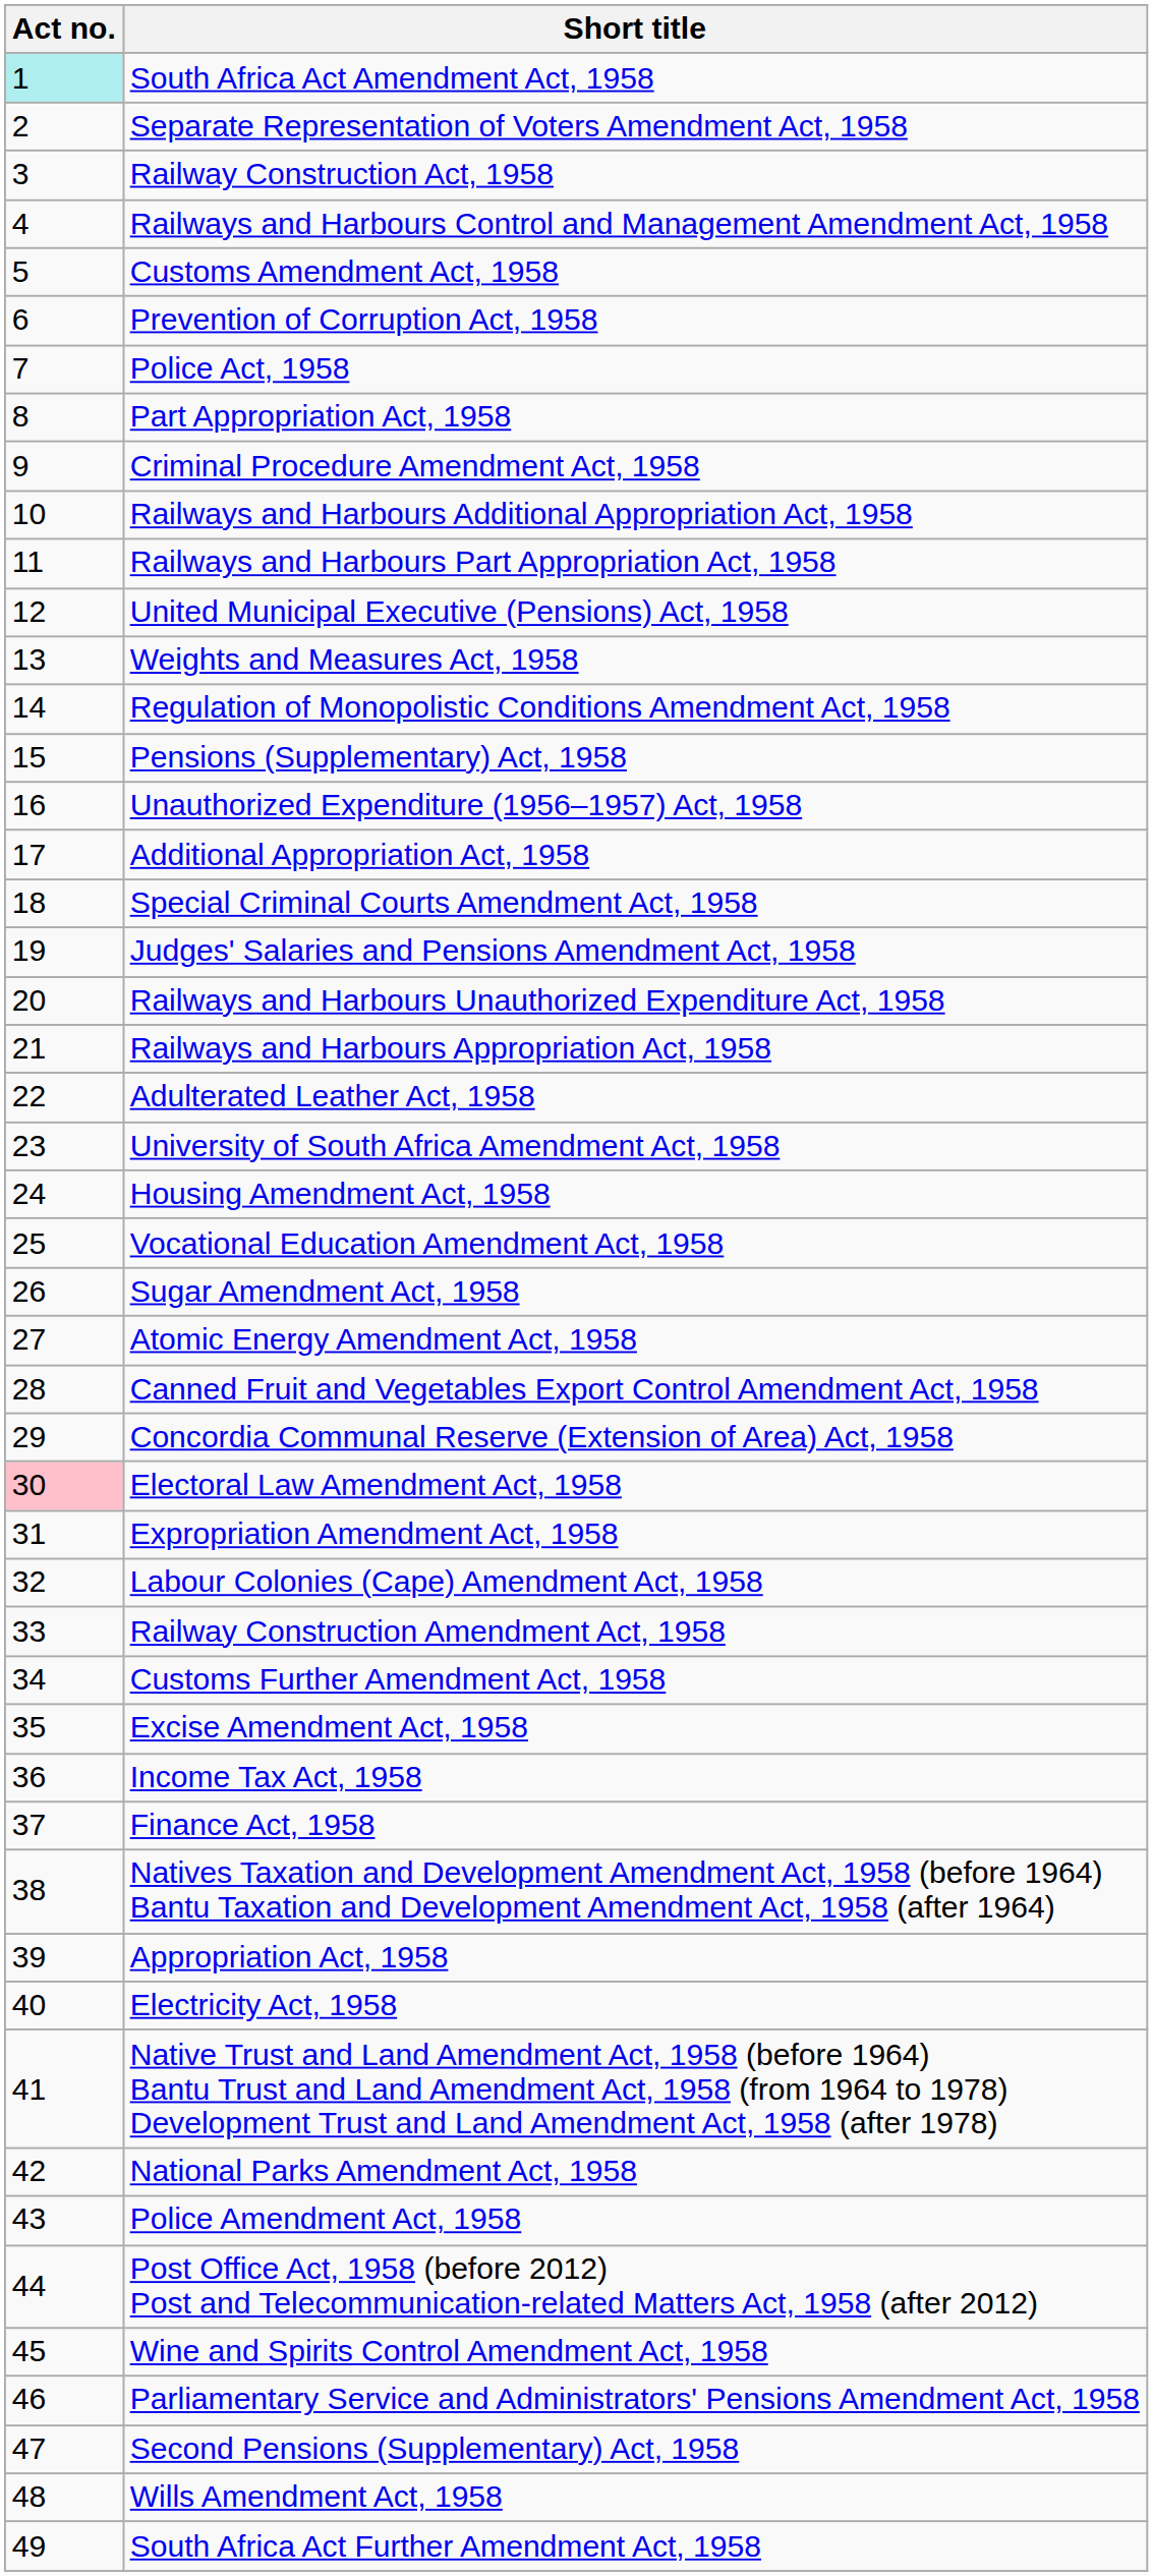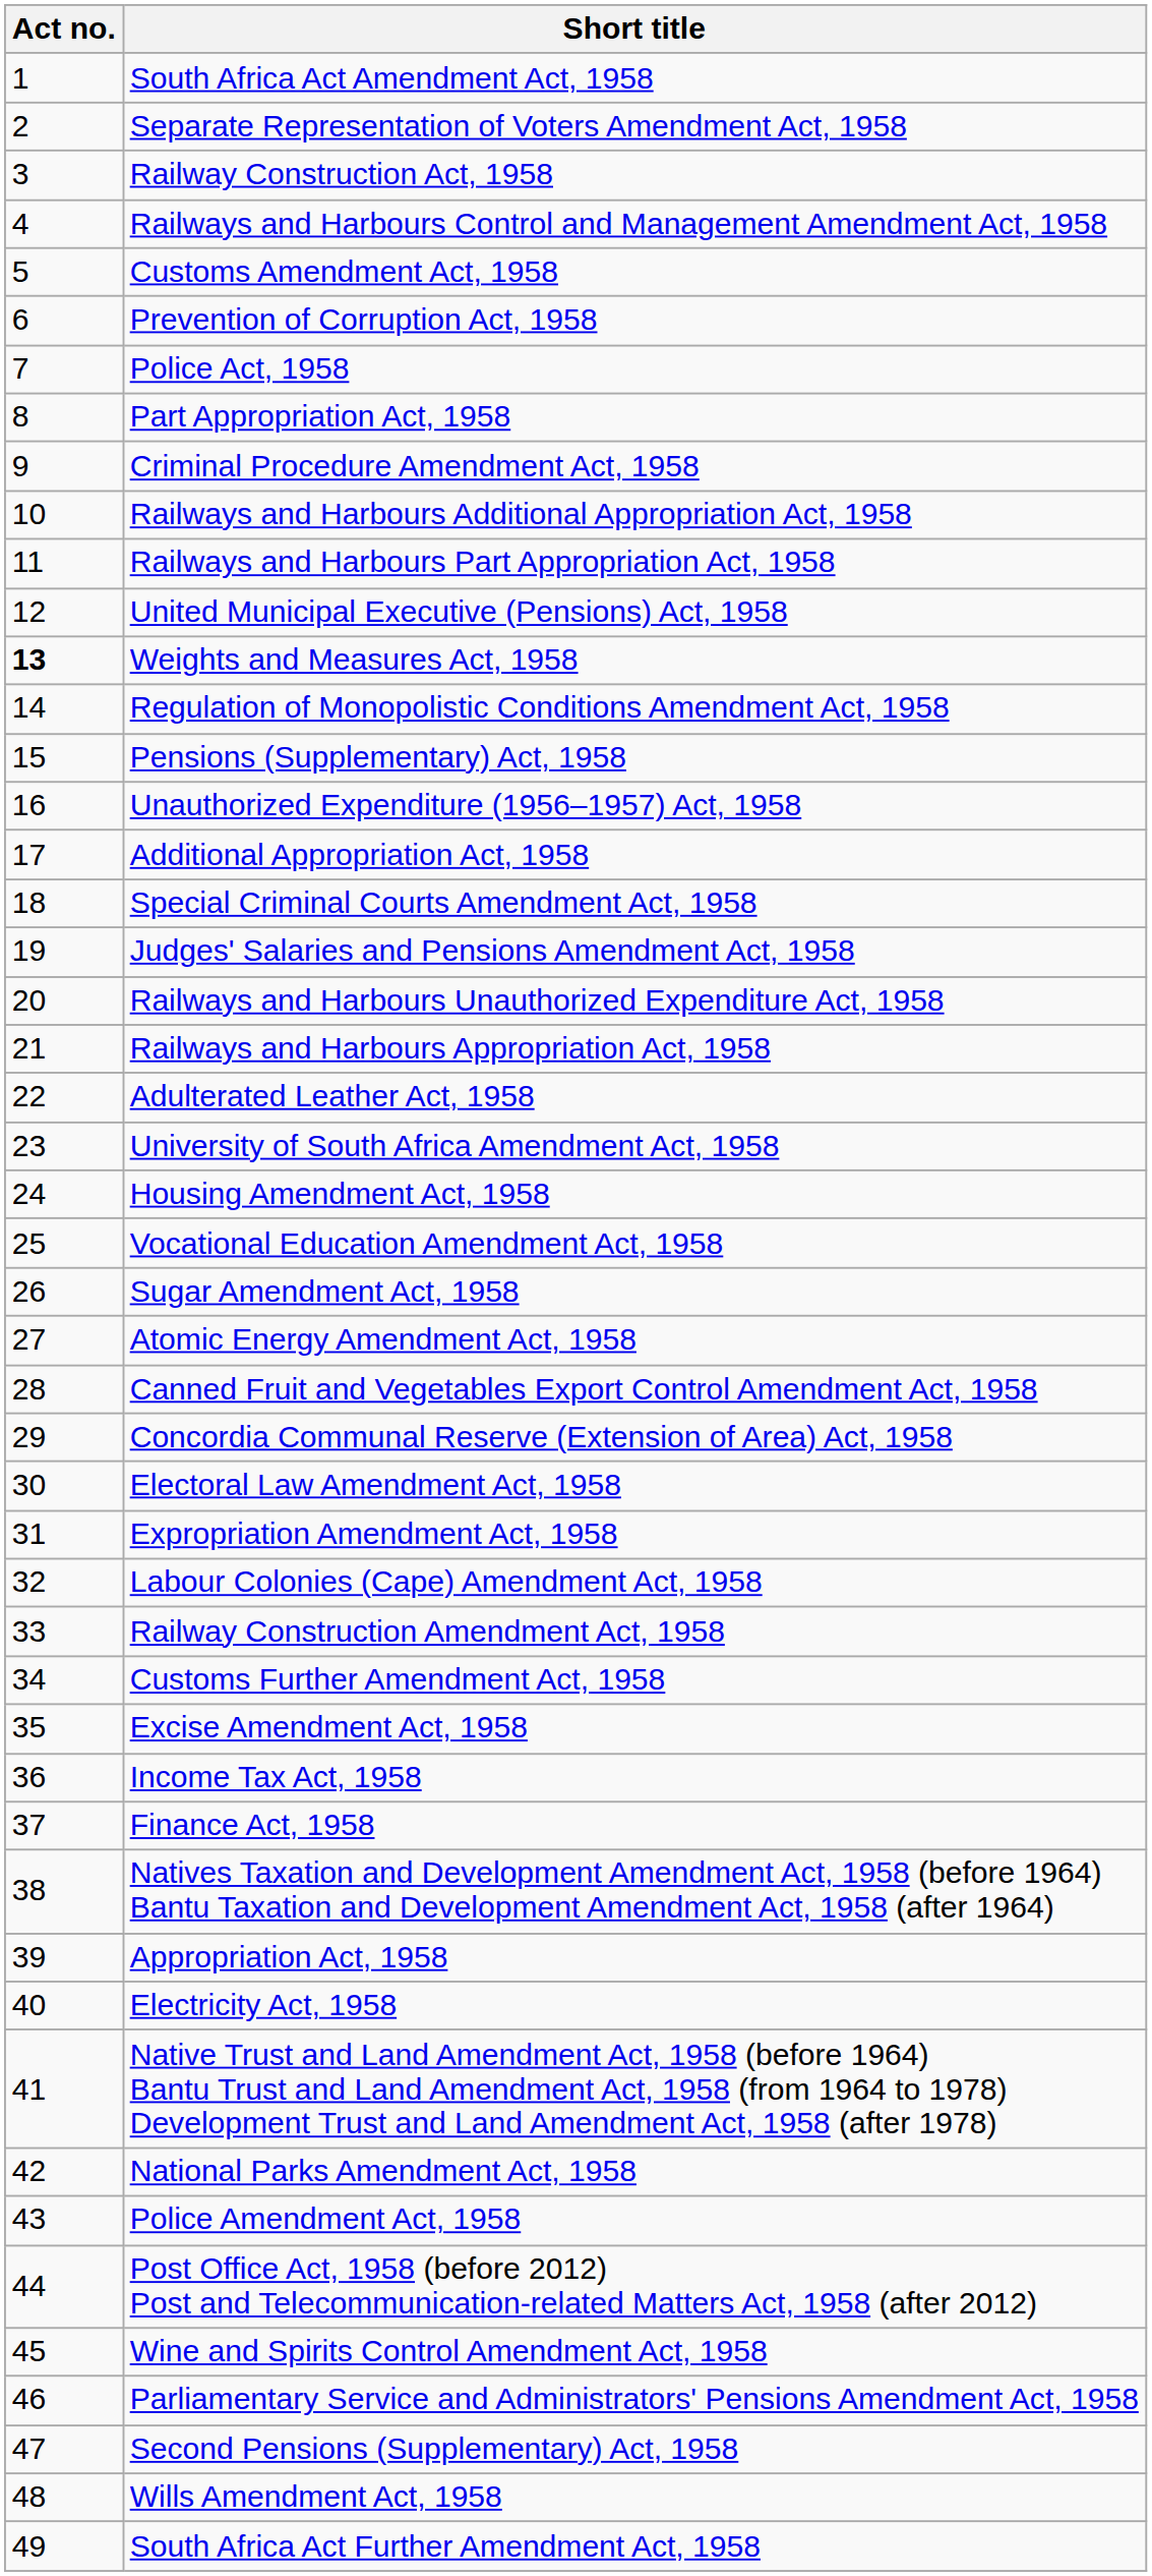 <table class="wikitable sortable">
 <tr>
 <th>Act no.</th>
 <th>Short title</th>
 </tr>
 <tr>
-<td style="background: paleturquoise;">1</td>
+<td>1</td>
 <td><a href='#'>South Africa Act Amendment Act, 1958</a></td>
 </tr>
 <tr>
 <td>2</td>
 <td><a href='#'>Separate Representation of Voters Amendment Act, 1958</a></td>
 </tr>
 <tr>
 <td>3</td>
 <td><a href='#'>Railway Construction Act, 1958</a></td>
 </tr>
 <tr>
 <td>4</td>
 <td><a href='#'>Railways and Harbours Control and Management Amendment Act, 1958</a></td>
 </tr>
 <tr>
 <td>5</td>
 <td><a href='#'>Customs Amendment Act, 1958</a></td>
 </tr>
 <tr>
 <td>6</td>
 <td><a href='#'>Prevention of Corruption Act, 1958</a></td>
 </tr>
 <tr>
 <td>7</td>
 <td><a href='#'>Police Act, 1958</a></td>
 </tr>
 <tr>
 <td>8</td>
 <td><a href='#'>Part Appropriation Act, 1958</a></td>
 </tr>
 <tr>
 <td>9</td>
 <td><a href='#'>Criminal Procedure Amendment Act, 1958</a></td>
 </tr>
 <tr>
 <td>10</td>
 <td><a href='#'>Railways and Harbours Additional Appropriation Act, 1958</a></td>
 </tr>
 <tr>
 <td>11</td>
 <td><a href='#'>Railways and Harbours Part Appropriation Act, 1958</a></td>
 </tr>
 <tr>
 <td>12</td>
 <td><a href='#'>United Municipal Executive (Pensions) Act, 1958</a></td>
 </tr>
 <tr>
-<td>13</td>
+<td><strong>13</strong></td>
 <td><a href='#'>Weights and Measures Act, 1958</a></td>
 </tr>
 <tr>
 <td>14</td>
 <td><a href='#'>Regulation of Monopolistic Conditions Amendment Act, 1958</a></td>
 </tr>
 <tr>
 <td>15</td>
 <td><a href='#'>Pensions (Supplementary) Act, 1958</a></td>
 </tr>
 <tr>
 <td>16</td>
 <td><a href='#'>Unauthorized Expenditure (1956–1957) Act, 1958</a></td>
 </tr>
 <tr>
 <td>17</td>
 <td><a href='#'>Additional Appropriation Act, 1958</a></td>
 </tr>
 <tr>
 <td>18</td>
 <td><a href='#'>Special Criminal Courts Amendment Act, 1958</a></td>
 </tr>
 <tr>
 <td>19</td>
 <td><a href='#'>Judges' Salaries and Pensions Amendment Act, 1958</a></td>
 </tr>
 <tr>
 <td>20</td>
 <td><a href='#'>Railways and Harbours Unauthorized Expenditure Act, 1958</a></td>
 </tr>
 <tr>
 <td>21</td>
 <td><a href='#'>Railways and Harbours Appropriation Act, 1958</a></td>
 </tr>
 <tr>
 <td>22</td>
 <td><a href='#'>Adulterated Leather Act, 1958</a></td>
 </tr>
 <tr>
 <td>23</td>
 <td><a href='#'>University of South Africa Amendment Act, 1958</a></td>
 </tr>
 <tr>
 <td>24</td>
 <td><a href='#'>Housing Amendment Act, 1958</a></td>
 </tr>
 <tr>
 <td>25</td>
 <td><a href='#'>Vocational Education Amendment Act, 1958</a></td>
 </tr>
 <tr>
 <td>26</td>
 <td><a href='#'>Sugar Amendment Act, 1958</a></td>
 </tr>
 <tr>
 <td>27</td>
 <td><a href='#'>Atomic Energy Amendment Act, 1958</a></td>
 </tr>
 <tr>
 <td>28</td>
 <td><a href='#'>Canned Fruit and Vegetables Export Control Amendment Act, 1958</a></td>
 </tr>
 <tr>
 <td>29</td>
 <td><a href='#'>Concordia Communal Reserve (Extension of Area) Act, 1958</a></td>
 </tr>
 <tr>
-<td style="background: pink;">30</td>
+<td>30</td>
 <td><a href='#'>Electoral Law Amendment Act, 1958</a></td>
 </tr>
 <tr>
 <td>31</td>
 <td><a href='#'>Expropriation Amendment Act, 1958</a></td>
 </tr>
 <tr>
 <td>32</td>
 <td><a href='#'>Labour Colonies (Cape) Amendment Act, 1958</a></td>
 </tr>
 <tr>
 <td>33</td>
 <td><a href='#'>Railway Construction Amendment Act, 1958</a></td>
 </tr>
 <tr>
 <td>34</td>
 <td><a href='#'>Customs Further Amendment Act, 1958</a></td>
 </tr>
 <tr>
 <td>35</td>
 <td><a href='#'>Excise Amendment Act, 1958</a></td>
 </tr>
 <tr>
 <td>36</td>
 <td><a href='#'>Income Tax Act, 1958</a></td>
 </tr>
 <tr>
 <td>37</td>
 <td><a href='#'>Finance Act, 1958</a></td>
 </tr>
 <tr>
 <td>38</td>
 <td><a href='#'>Natives Taxation and Development Amendment Act, 1958</a> (before 1964) <br><a href='#'>Bantu Taxation and Development Amendment Act, 1958</a> (after 1964)</td>
 </tr>
 <tr>
 <td>39</td>
 <td><a href='#'>Appropriation Act, 1958</a></td>
 </tr>
 <tr>
 <td>40</td>
 <td><a href='#'>Electricity Act, 1958</a></td>
 </tr>
 <tr>
 <td>41</td>
 <td><a href='#'>Native Trust and Land Amendment Act, 1958</a> (before 1964) <br><a href='#'>Bantu Trust and Land Amendment Act, 1958</a> (from 1964 to 1978) <br><a href='#'>Development Trust and Land Amendment Act, 1958</a> (after 1978)</td>
 </tr>
 <tr>
 <td>42</td>
 <td><a href='#'>National Parks Amendment Act, 1958</a></td>
 </tr>
 <tr>
 <td>43</td>
 <td><a href='#'>Police Amendment Act, 1958</a></td>
 </tr>
 <tr>
 <td>44</td>
 <td><a href='#'>Post Office Act, 1958</a> (before 2012) <br><a href='#'>Post and Telecommunication-related Matters Act, 1958</a> (after 2012)</td>
 </tr>
 <tr>
 <td>45</td>
 <td><a href='#'>Wine and Spirits Control Amendment Act, 1958</a></td>
 </tr>
 <tr>
 <td>46</td>
 <td><a href='#'>Parliamentary Service and Administrators' Pensions Amendment Act, 1958</a></td>
 </tr>
 <tr>
 <td>47</td>
 <td><a href='#'>Second Pensions (Supplementary) Act, 1958</a></td>
 </tr>
 <tr>
 <td>48</td>
 <td><a href='#'>Wills Amendment Act, 1958</a></td>
 </tr>
 <tr>
 <td>49</td>
 <td><a href='#'>South Africa Act Further Amendment Act, 1958</a></td>
 </tr>
 </table>
